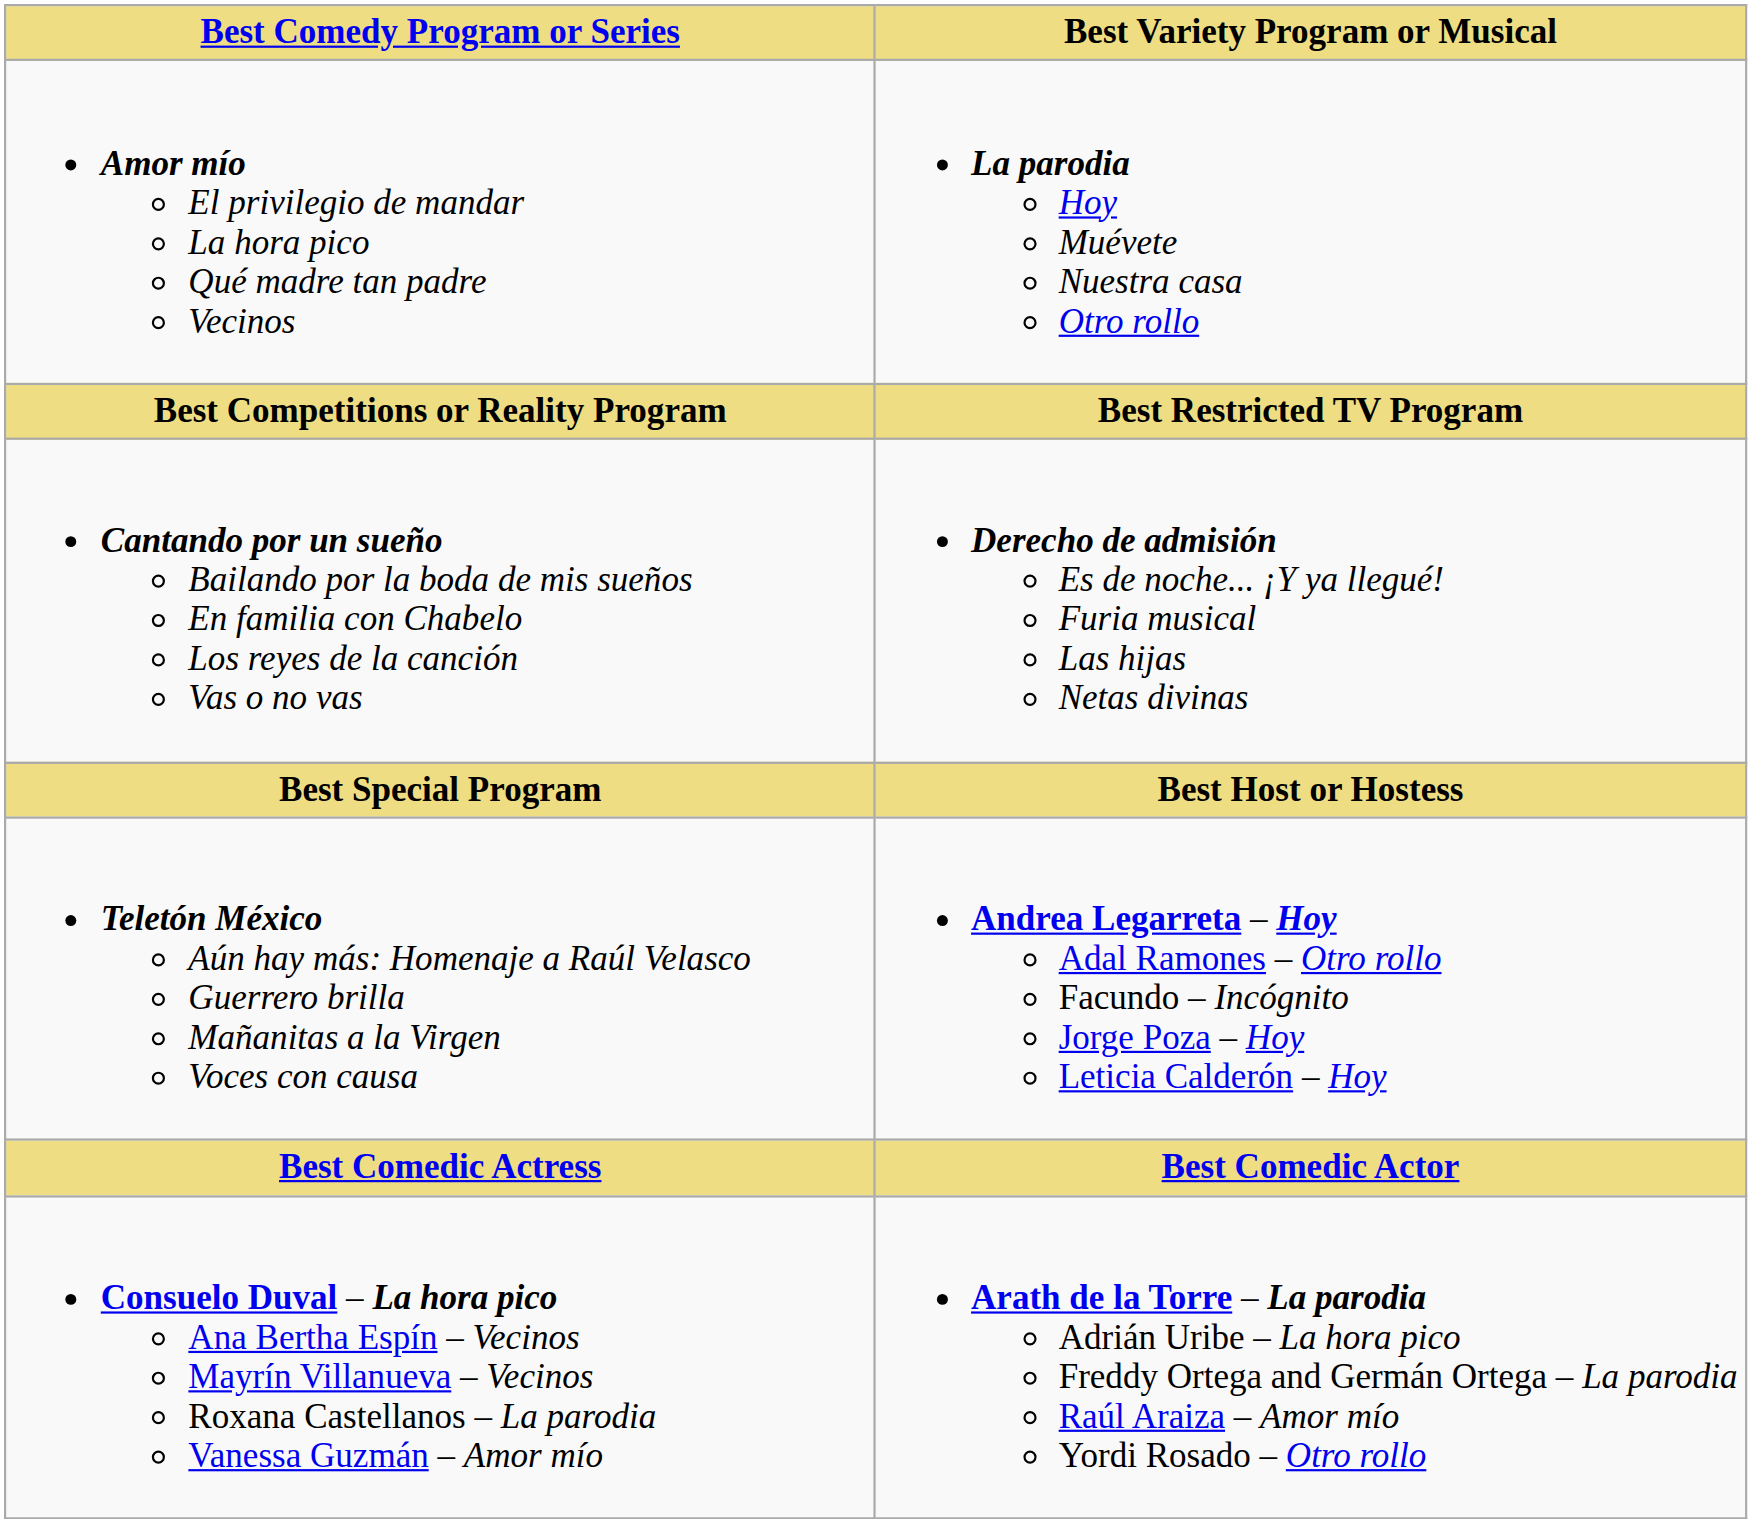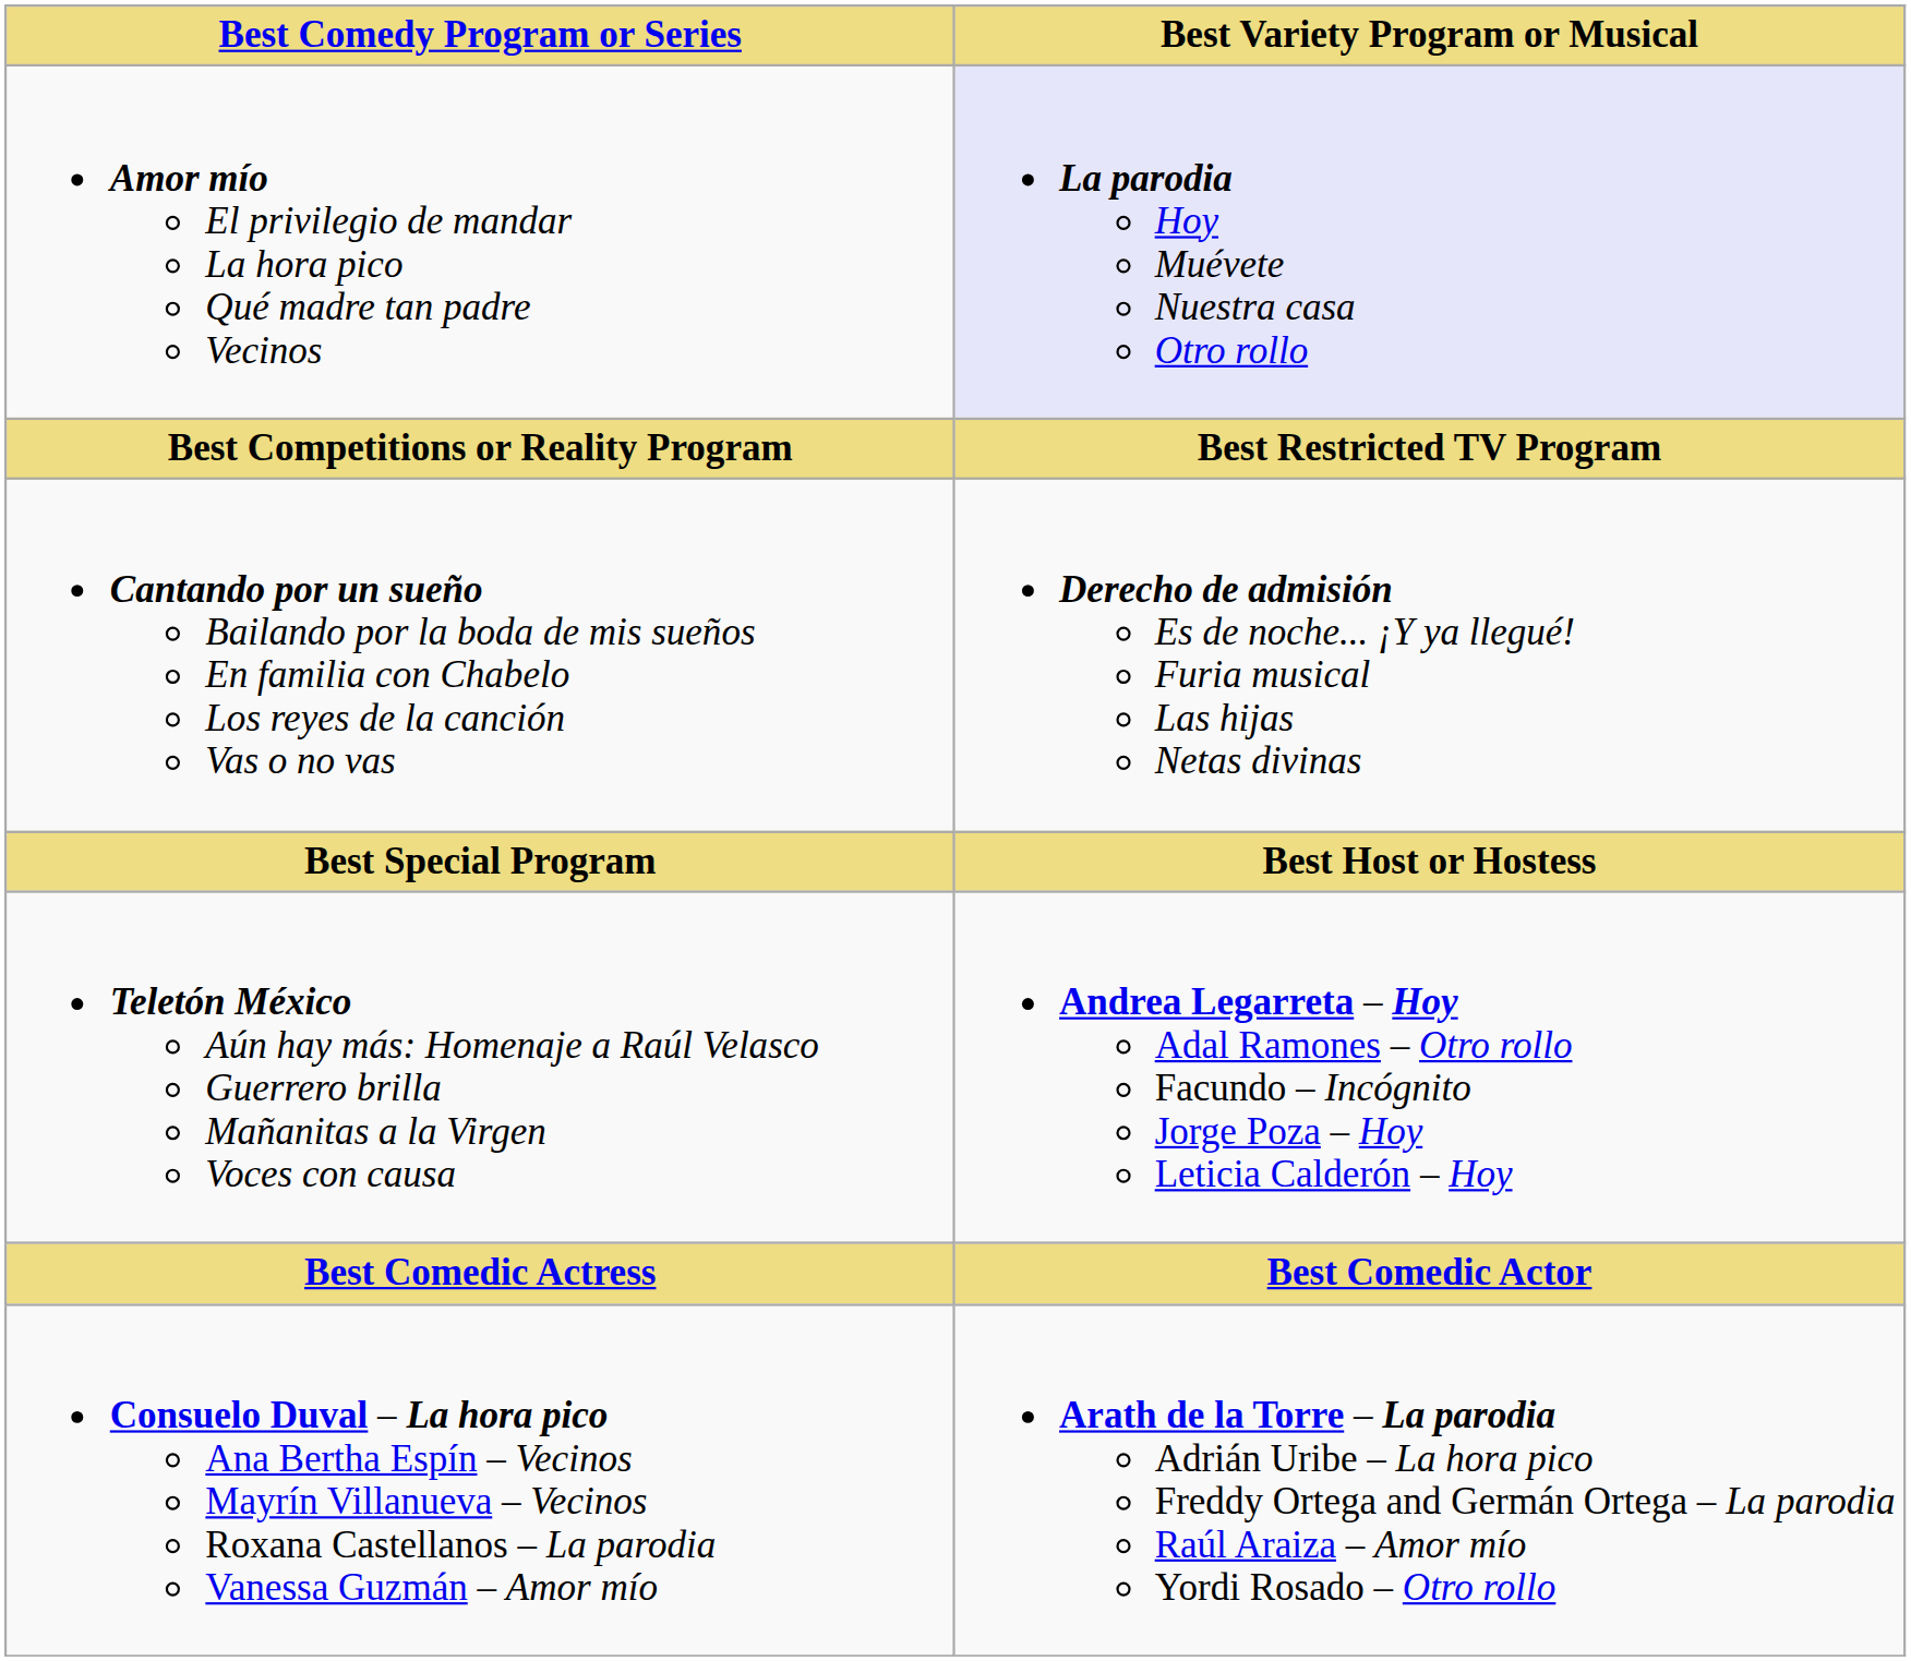 <table class="wikitable">
 <tr>
 <th style="background:#EEDD82; width:50%"><a href='#'>Best Comedy Program or Series</a></th>
 <th style="background:#EEDD82; width:50%">Best Variety Program or Musical</th>
 </tr>
 <tr>
 <td valign="top"><br><ul><li><strong><em>Amor mío</em></strong><ul><li><em>El privilegio de mandar</em></li><li><em>La hora pico</em></li><li><em>Qué madre tan padre</em></li><li><em>Vecinos</em></li></ul></li></ul></td>
-<td valign="top"><br><ul><li><strong><em>La parodia</em></strong><ul><li><em><a href='#'>Hoy</a></em></li><li><em>Muévete</em></li><li><em>Nuestra casa</em></li><li><em><a href='#'>Otro rollo</a></em></li></ul></li></ul></td>
+<td valign="top" style="background: lavender;"><br><ul><li><strong><em>La parodia</em></strong><ul><li><em><a href='#'>Hoy</a></em></li><li><em>Muévete</em></li><li><em>Nuestra casa</em></li><li><em><a href='#'>Otro rollo</a></em></li></ul></li></ul></td>
 </tr>
 <tr>
 <th style="background:#EEDD82; width:50%">Best Competitions or Reality Program</th>
 <th style="background:#EEDD82; width:50%">Best Restricted TV Program</th>
 </tr>
 <tr>
 <td valign="top"><br><ul><li><strong><em>Cantando por un sueño</em></strong><ul><li><em>Bailando por la boda de mis sueños</em></li><li><em>En familia con Chabelo</em></li><li><em>Los reyes de la canción</em></li><li><em>Vas o no vas</em></li></ul></li></ul></td>
 <td valign="top"><br><ul><li><strong><em>Derecho de admisión</em></strong><ul><li><em>Es de noche... ¡Y ya llegué!</em></li><li><em>Furia musical</em></li><li><em>Las hijas</em></li><li><em>Netas divinas</em></li></ul></li></ul></td>
 </tr>
 <tr>
 <th style="background:#EEDD82; width:50%">Best Special Program</th>
 <th style="background:#EEDD82; width:50%">Best Host or Hostess</th>
 </tr>
 <tr>
 <td valign="top"><br><ul><li><strong><em>Teletón México</em></strong><ul><li><em>Aún hay más: Homenaje a Raúl Velasco</em></li><li><em>Guerrero brilla</em></li><li><em>Mañanitas a la Virgen</em></li><li><em>Voces con causa</em></li></ul></li></ul></td>
 <td valign="top"><br><ul><li><strong><a href='#'>Andrea Legarreta</a></strong> – <strong><em><a href='#'>Hoy</a></em></strong><ul><li><a href='#'>Adal Ramones</a> – <em><a href='#'>Otro rollo</a></em></li><li>Facundo – <em>Incógnito</em></li><li><a href='#'>Jorge Poza</a> – <em><a href='#'>Hoy</a></em></li><li><a href='#'>Leticia Calderón</a> – <em><a href='#'>Hoy</a></em></li></ul></li></ul></td>
 </tr>
 <tr>
 <th style="background:#EEDD82; width:50%"><a href='#'>Best Comedic Actress</a></th>
 <th style="background:#EEDD82; width:50%"><a href='#'>Best Comedic Actor</a></th>
 </tr>
 <tr>
 <td valign="top"><br><ul><li><strong><a href='#'>Consuelo Duval</a></strong> – <strong><em>La hora pico</em></strong><ul><li><a href='#'>Ana Bertha Espín</a> – <em>Vecinos</em></li><li><a href='#'>Mayrín Villanueva</a> – <em>Vecinos</em></li><li>Roxana Castellanos – <em>La parodia</em></li><li><a href='#'>Vanessa Guzmán</a> – <em>Amor mío</em></li></ul></li></ul></td>
 <td valign="top"><br><ul><li><strong><a href='#'>Arath de la Torre</a></strong> – <strong><em>La parodia</em></strong><ul><li>Adrián Uribe – <em>La hora pico</em></li><li>Freddy Ortega and Germán Ortega – <em>La parodia</em></li><li><a href='#'>Raúl Araiza</a> – <em>Amor mío</em></li><li>Yordi Rosado – <em><a href='#'>Otro rollo</a></em></li></ul></li></ul></td>
 </tr>
 </table>
